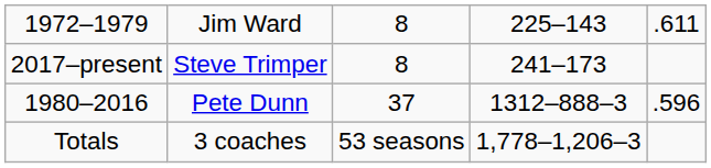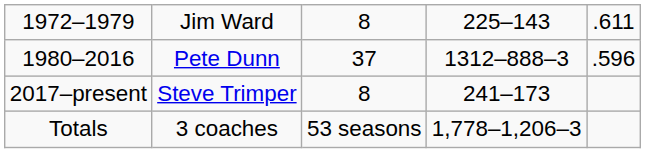 <table class="wikitable" style="text-align:center">
 <tr>
 <td>1972–1979</td>
 <td>Jim Ward</td>
 <td>8</td>
 <td>225–143</td>
 <td>.611</td>
 </tr>
 <tr>
+<td>1980–2016</td>
+<td><a href='#'>Pete Dunn</a></td>
+<td>37</td>
+<td>1312–888–3</td>
+<td>.596</td>
+</tr>
+<tr>
 <td>2017–present</td>
 <td><a href='#'>Steve Trimper</a></td>
 <td>8</td>
 <td>241–173</td>
 <td></td>
-</tr>
-<tr>
-<td>1980–2016</td>
-<td><a href='#'>Pete Dunn</a></td>
-<td>37</td>
-<td>1312–888–3</td>
-<td>.596</td>
 </tr>
 <tr class="sortbottom">
 <td>Totals</td>
 <td>3 coaches</td>
 <td>53 seasons</td>
 <td>1,778–1,206–3</td>
 <td></td>
 </tr>
 </table>
